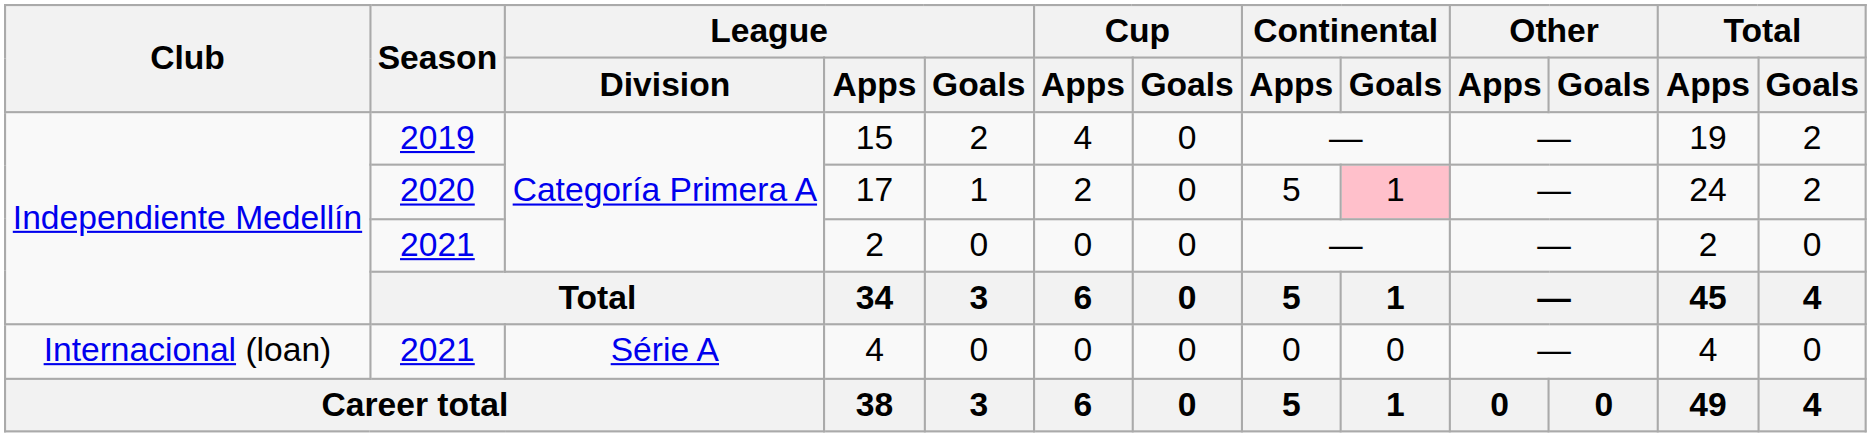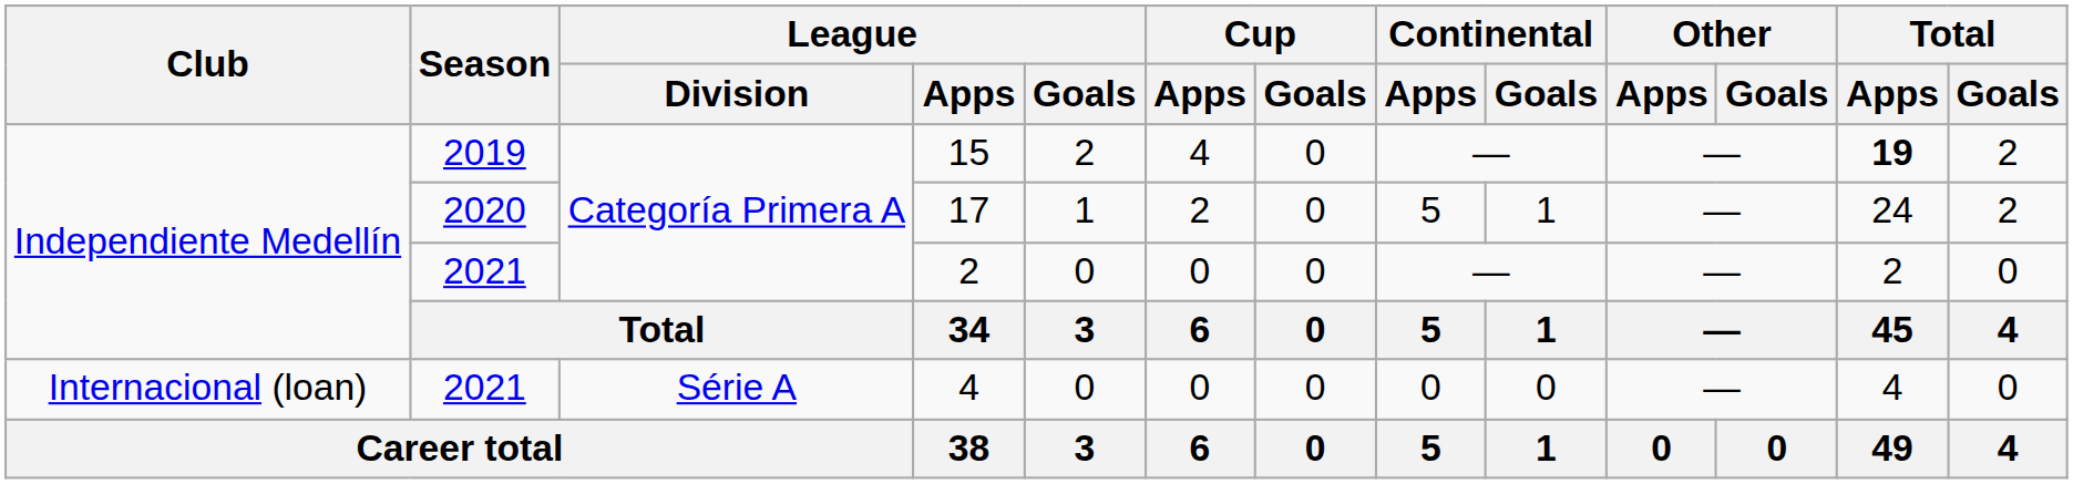 <table class="wikitable" style="text-align: center">
 <tr>
 <th rowspan="2">Club</th>
 <th rowspan="2">Season</th>
 <th colspan="3">League</th>
 <th colspan="2">Cup</th>
 <th colspan="2">Continental</th>
 <th colspan="2">Other</th>
 <th colspan="2">Total</th>
 </tr>
 <tr>
 <th>Division</th>
 <th>Apps</th>
 <th>Goals</th>
 <th>Apps</th>
 <th>Goals</th>
 <th>Apps</th>
 <th>Goals</th>
 <th>Apps</th>
 <th>Goals</th>
 <th>Apps</th>
 <th>Goals</th>
 </tr>
 <tr>
 <td rowspan="4"><a href='#'>Independiente Medellín</a></td>
 <td><a href='#'>2019</a></td>
 <td rowspan="3"><a href='#'>Categoría Primera A</a></td>
 <td>15</td>
 <td>2</td>
 <td>4</td>
 <td>0</td>
 <td colspan="2">—</td>
 <td colspan="2">—</td>
-<td>19</td>
+<td><strong>19</strong></td>
 <td>2</td>
 </tr>
 <tr>
 <td><a href='#'>2020</a></td>
 <td>17</td>
 <td>1</td>
 <td>2</td>
 <td>0</td>
 <td>5</td>
-<td style="background: pink;">1</td>
+<td>1</td>
 <td colspan="2">—</td>
 <td>24</td>
 <td>2</td>
 </tr>
 <tr>
 <td><a href='#'>2021</a></td>
 <td>2</td>
 <td>0</td>
 <td>0</td>
 <td>0</td>
 <td colspan="2">—</td>
 <td colspan="2">—</td>
 <td>2</td>
 <td>0</td>
 </tr>
 <tr>
 <th colspan="2">Total</th>
 <th>34</th>
 <th>3</th>
 <th>6</th>
 <th>0</th>
 <th>5</th>
 <th>1</th>
 <th colspan="2">—</th>
 <th>45</th>
 <th>4</th>
 </tr>
 <tr>
 <td><a href='#'>Internacional</a> (loan)</td>
 <td><a href='#'>2021</a></td>
 <td><a href='#'>Série A</a></td>
 <td>4</td>
 <td>0</td>
 <td>0</td>
 <td>0</td>
 <td>0</td>
 <td>0</td>
 <td colspan="2">—</td>
 <td>4</td>
 <td>0</td>
 </tr>
 <tr>
 <th colspan="3"><strong>Career total</strong></th>
 <th>38</th>
 <th>3</th>
 <th>6</th>
 <th>0</th>
 <th>5</th>
 <th>1</th>
 <th>0</th>
 <th>0</th>
 <th>49</th>
 <th>4</th>
 </tr>
 </table>
